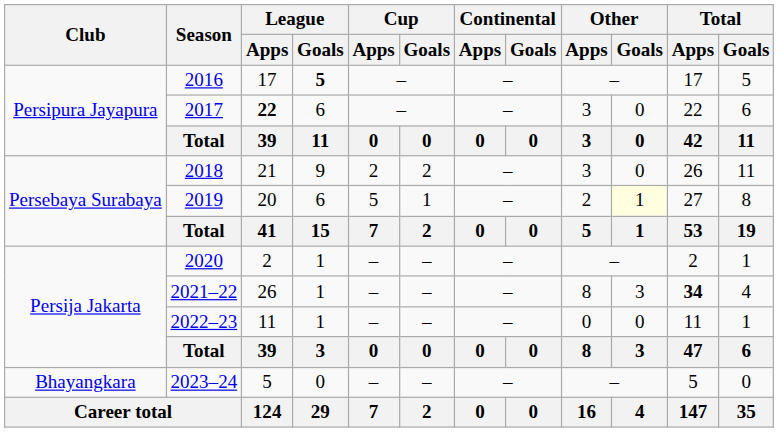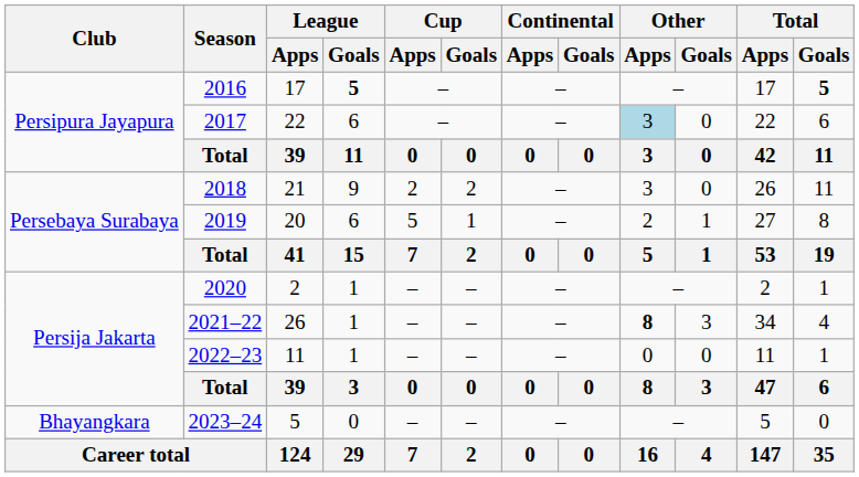 <table class="wikitable" style="text-align: center">
 <tr>
 <th rowspan="2">Club</th>
 <th rowspan="2">Season</th>
 <th colspan="2">League</th>
 <th colspan="2">Cup</th>
 <th colspan="2">Continental</th>
 <th colspan="2">Other</th>
 <th colspan="2">Total</th>
 </tr>
 <tr>
 <th>Apps</th>
 <th>Goals</th>
 <th>Apps</th>
 <th>Goals</th>
 <th>Apps</th>
 <th>Goals</th>
 <th>Apps</th>
 <th>Goals</th>
 <th>Apps</th>
 <th>Goals</th>
 </tr>
 <tr>
 <td rowspan="3"><a href='#'>Persipura Jayapura</a></td>
 <td><a href='#'>2016</a></td>
 <td>17</td>
 <td><strong>5</strong></td>
 <td colspan=2>–</td>
 <td colspan=2>–</td>
 <td colspan=2>–</td>
 <td>17</td>
-<td>5</td>
+<td><strong>5</strong></td>
 </tr>
 <tr>
 <td><a href='#'>2017</a></td>
-<td><strong>22</strong></td>
+<td>22</td>
 <td>6</td>
 <td colspan=2>–</td>
 <td colspan=2>–</td>
-<td>3</td>
+<td style="background: lightblue;">3</td>
 <td>0</td>
 <td>22</td>
 <td>6</td>
 </tr>
 <tr>
 <th colspan="1">Total</th>
 <th>39</th>
 <th>11</th>
 <th>0</th>
 <th>0</th>
 <th>0</th>
 <th>0</th>
 <th>3</th>
 <th>0</th>
 <th>42</th>
 <th>11</th>
 </tr>
 <tr>
 <td rowspan="3"><a href='#'>Persebaya Surabaya</a></td>
 <td><a href='#'>2018</a></td>
 <td>21</td>
 <td>9</td>
 <td>2</td>
 <td>2</td>
 <td colspan=2>–</td>
 <td>3</td>
 <td>0</td>
 <td>26</td>
 <td>11</td>
 </tr>
 <tr>
 <td><a href='#'>2019</a></td>
 <td>20</td>
 <td>6</td>
 <td>5</td>
 <td>1</td>
 <td colspan=2>–</td>
 <td>2</td>
-<td style="background: lightyellow;">1</td>
+<td>1</td>
 <td>27</td>
 <td>8</td>
 </tr>
 <tr>
 <th colspan="1">Total</th>
 <th>41</th>
 <th>15</th>
 <th>7</th>
 <th>2</th>
 <th>0</th>
 <th>0</th>
 <th>5</th>
 <th>1</th>
 <th>53</th>
 <th>19</th>
 </tr>
 <tr>
 <td rowspan="4"><a href='#'>Persija Jakarta</a></td>
 <td><a href='#'>2020</a></td>
 <td>2</td>
 <td>1</td>
 <td>–</td>
 <td>–</td>
 <td colspan=2>–</td>
 <td colspan=2>–</td>
 <td>2</td>
 <td>1</td>
 </tr>
 <tr>
 <td><a href='#'>2021–22</a></td>
 <td>26</td>
 <td>1</td>
 <td>–</td>
 <td>–</td>
 <td colspan=2>–</td>
-<td>8</td>
+<td><strong>8</strong></td>
 <td>3</td>
-<td><strong>34</strong></td>
+<td>34</td>
 <td>4</td>
 </tr>
 <tr>
 <td><a href='#'>2022–23</a></td>
 <td>11</td>
 <td>1</td>
 <td>–</td>
 <td>–</td>
 <td colspan=2>–</td>
 <td>0</td>
 <td>0</td>
 <td>11</td>
 <td>1</td>
 </tr>
 <tr>
 <th colspan="1">Total</th>
 <th>39</th>
 <th>3</th>
 <th>0</th>
 <th>0</th>
 <th>0</th>
 <th>0</th>
 <th>8</th>
 <th>3</th>
 <th>47</th>
 <th>6</th>
 </tr>
 <tr>
 <td rowspan="1"><a href='#'>Bhayangkara</a></td>
 <td><a href='#'>2023–24</a></td>
 <td>5</td>
 <td>0</td>
 <td>–</td>
 <td>–</td>
 <td colspan=2>–</td>
 <td colspan=2>–</td>
 <td>5</td>
 <td>0</td>
 </tr>
 <tr>
 <th colspan="2">Career total</th>
 <th>124</th>
 <th>29</th>
 <th>7</th>
 <th>2</th>
 <th>0</th>
 <th>0</th>
 <th>16</th>
 <th>4</th>
 <th>147</th>
 <th>35</th>
 </tr>
 </table>
